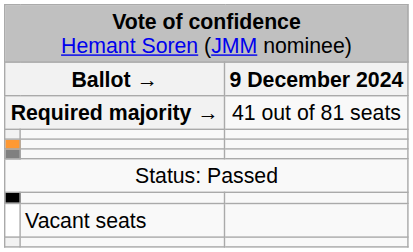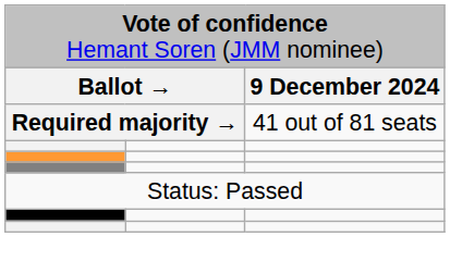 <table class="wikitable" style="text-align:center; font-size:95%;">
 <tr>
 <td colspan="3" align="center" bgcolor="#C0C0C0"><strong>Vote of confidence</strong><br><a href='#'>Hemant Soren</a> (<a href='#'>JMM</a> nominee)</td>
 </tr>
 <tr>
 <th colspan="2" style="width:150px;">Ballot →</th>
 <th>9 December 2024</th>
 </tr>
 <tr>
 <th colspan="2">Required majority →</th>
 <td>41 out of 81 seats</td>
 </tr>
 <tr>
 <th style="background:"></th>
 <td style="text-align:left;"></td>
 <td></td>
 </tr>
 <tr>
 <th style="background:#ff9933;"></th>
 <td style="text-align:left;"></td>
 <td></td>
 </tr>
 <tr>
 <th style="background:gray;"></th>
 <td style="text-align:left;"></td>
 <td></td>
 </tr>
 <tr>
 <td style="text-align:centre;" colspan="3">Status:  Passed</td>
 </tr>
 <tr>
 <th style="background:black;"></th>
 <td style="text-align:left;"></td>
 <td></td>
 </tr>
 <tr>
-<th style="background:white;"></th>
-<td style="text-align:left;">Vacant seats</td>
-<td></td>
-</tr>
-<tr>
 <th style="background:"></th>
 <td style="text-align:left;"></td>
 <td></td>
 </tr>
 </table>
